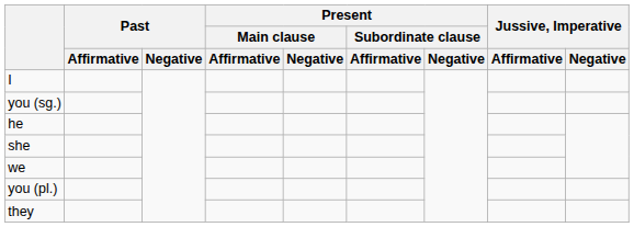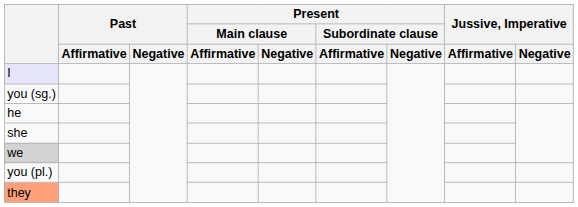 <table class="wikitable" style="margin: 1em auto 1em auto;">
 <tr>
 <th rowspan="3"></th>
 <th colspan="2" rowspan="2">Past</th>
 <th colspan="4">Present</th>
 <th colspan="2" rowspan="2">Jussive, Imperative</th>
 </tr>
 <tr>
 <th colspan="2">Main clause</th>
 <th colspan="2">Subordinate clause</th>
 </tr>
 <tr>
 <th>Affirmative</th>
 <th>Negative</th>
 <th>Affirmative</th>
 <th>Negative</th>
 <th>Affirmative</th>
 <th>Negative</th>
 <th>Affirmative</th>
 <th>Negative</th>
 </tr>
 <tr>
-<td>I</td>
+<td style="background: lavender;">I</td>
 <td></td>
 <td rowspan="7"></td>
 <td></td>
 <td></td>
 <td><em></em></td>
 <td rowspan="7"></td>
 <td></td>
 <td></td>
 </tr>
 <tr>
 <td>you (sg.)</td>
 <td></td>
 <td></td>
 <td></td>
 <td></td>
 <td></td>
 <td></td>
 </tr>
 <tr>
 <td>he</td>
 <td></td>
 <td></td>
 <td></td>
 <td></td>
 <td></td>
 <td rowspan="3"></td>
 </tr>
 <tr>
 <td>she</td>
 <td></td>
 <td></td>
 <td></td>
 <td></td>
 <td></td>
 </tr>
 <tr>
-<td>we</td>
+<td style="background: lightgrey;">we</td>
 <td></td>
 <td></td>
 <td></td>
 <td></td>
 <td></td>
 </tr>
 <tr>
 <td>you (pl.)</td>
 <td></td>
 <td></td>
 <td></td>
 <td></td>
 <td></td>
 <td></td>
 </tr>
 <tr>
-<td>they</td>
+<td style="background: lightsalmon;">they</td>
 <td></td>
 <td></td>
 <td></td>
 <td></td>
 <td></td>
 <td></td>
 </tr>
 </table>
